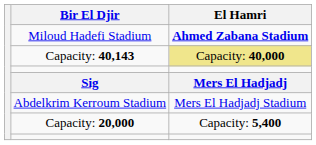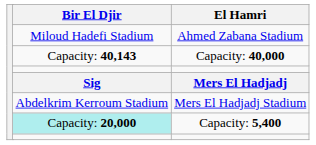 <table class="wikitable" style="margin:1em auto; text-align:center">
 <tr>
 <th rowspan="8" colspan="2"></th>
 <th><a href='#'>Bir El Djir</a><br></th>
 <th>El Hamri<br></th>
 </tr>
 <tr>
 <td><a href='#'>Miloud Hadefi Stadium</a></td>
-<td><strong><a href='#'>Ahmed Zabana Stadium</a></strong></td>
+<td><a href='#'>Ahmed Zabana Stadium</a></td>
 </tr>
 <tr>
 <td>Capacity: <strong>40,143</strong></td>
-<td style="background: khaki;">Capacity: <strong>40,000</strong></td>
+<td>Capacity: <strong>40,000</strong></td>
 </tr>
 <tr>
 <td></td>
 <td></td>
 </tr>
 <tr>
 <th><a href='#'>Sig</a></th>
 <th><a href='#'>Mers El Hadjadj</a></th>
 </tr>
 <tr>
 <td><a href='#'>Abdelkrim Kerroum Stadium</a></td>
 <td><a href='#'>Mers El Hadjadj Stadium</a></td>
 </tr>
 <tr>
-<td>Capacity: <strong>20,000</strong></td>
+<td style="background: paleturquoise;">Capacity: <strong>20,000</strong></td>
 <td>Capacity: <strong>5,400</strong></td>
 </tr>
 <tr>
 <td></td>
 <td></td>
 </tr>
 </table>
